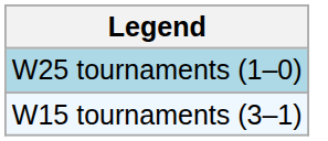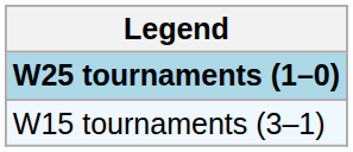 <table class=wikitable style=font-size:85%;>
 <tr>
 <th>Legend</th>
 </tr>
 <tr style="background:lightblue;">
-<td>W25 tournaments (1–0)</td>
+<td><strong>W25 tournaments (1–0)</strong></td>
 </tr>
 <tr style="background:#f0f8ff;">
 <td>W15 tournaments (3–1)</td>
 </tr>
 </table>
